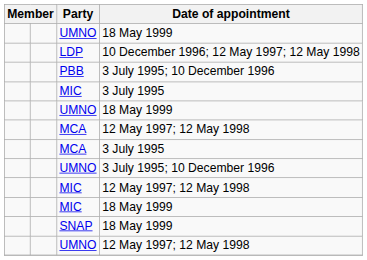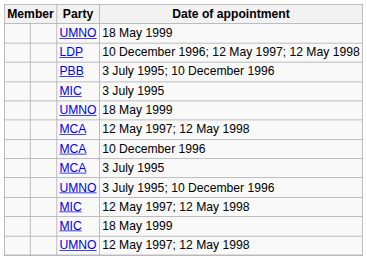 <table class="sortable wikitable">
 <tr>
 <th colspan="2" valign="top">Member</th>
 <th valign="top">Party</th>
 <th valign="top">Date of appointment</th>
 </tr>
 <tr>
 <td></td>
 <td></td>
 <td><a href='#'>UMNO</a></td>
 <td>18 May 1999</td>
 </tr>
 <tr>
 <td></td>
 <td></td>
 <td><a href='#'>LDP</a></td>
 <td>10 December 1996; 12 May 1997; 12 May 1998</td>
 </tr>
 <tr>
 <td></td>
 <td></td>
 <td><a href='#'>PBB</a></td>
 <td>3 July 1995; 10 December 1996</td>
 </tr>
 <tr>
 <td></td>
 <td></td>
 <td><a href='#'>MIC</a></td>
 <td>3 July 1995</td>
 </tr>
 <tr>
 <td></td>
 <td></td>
 <td><a href='#'>UMNO</a></td>
 <td>18 May 1999</td>
 </tr>
 <tr>
 <td></td>
 <td></td>
 <td><a href='#'>MCA</a></td>
 <td>12 May 1997; 12 May 1998</td>
 </tr>
 <tr>
 <td></td>
 <td></td>
 <td><a href='#'>MCA</a></td>
+<td>10 December 1996</td>
+</tr>
+<tr>
+<td></td>
+<td></td>
+<td><a href='#'>MCA</a></td>
 <td>3 July 1995</td>
 </tr>
 <tr>
 <td></td>
 <td></td>
 <td><a href='#'>UMNO</a></td>
 <td>3 July 1995; 10 December 1996</td>
 </tr>
 <tr>
 <td></td>
 <td></td>
 <td><a href='#'>MIC</a></td>
 <td>12 May 1997; 12 May 1998</td>
 </tr>
 <tr>
 <td></td>
 <td></td>
 <td><a href='#'>MIC</a></td>
 <td>18 May 1999</td>
 </tr>
 <tr>
 <td></td>
 <td></td>
-<td><a href='#'>SNAP</a></td>
-<td>18 May 1999</td>
-</tr>
-<tr>
-<td></td>
-<td></td>
 <td><a href='#'>UMNO</a></td>
 <td>12 May 1997; 12 May 1998</td>
 </tr>
 <tr>
 </tr>
 </table>
